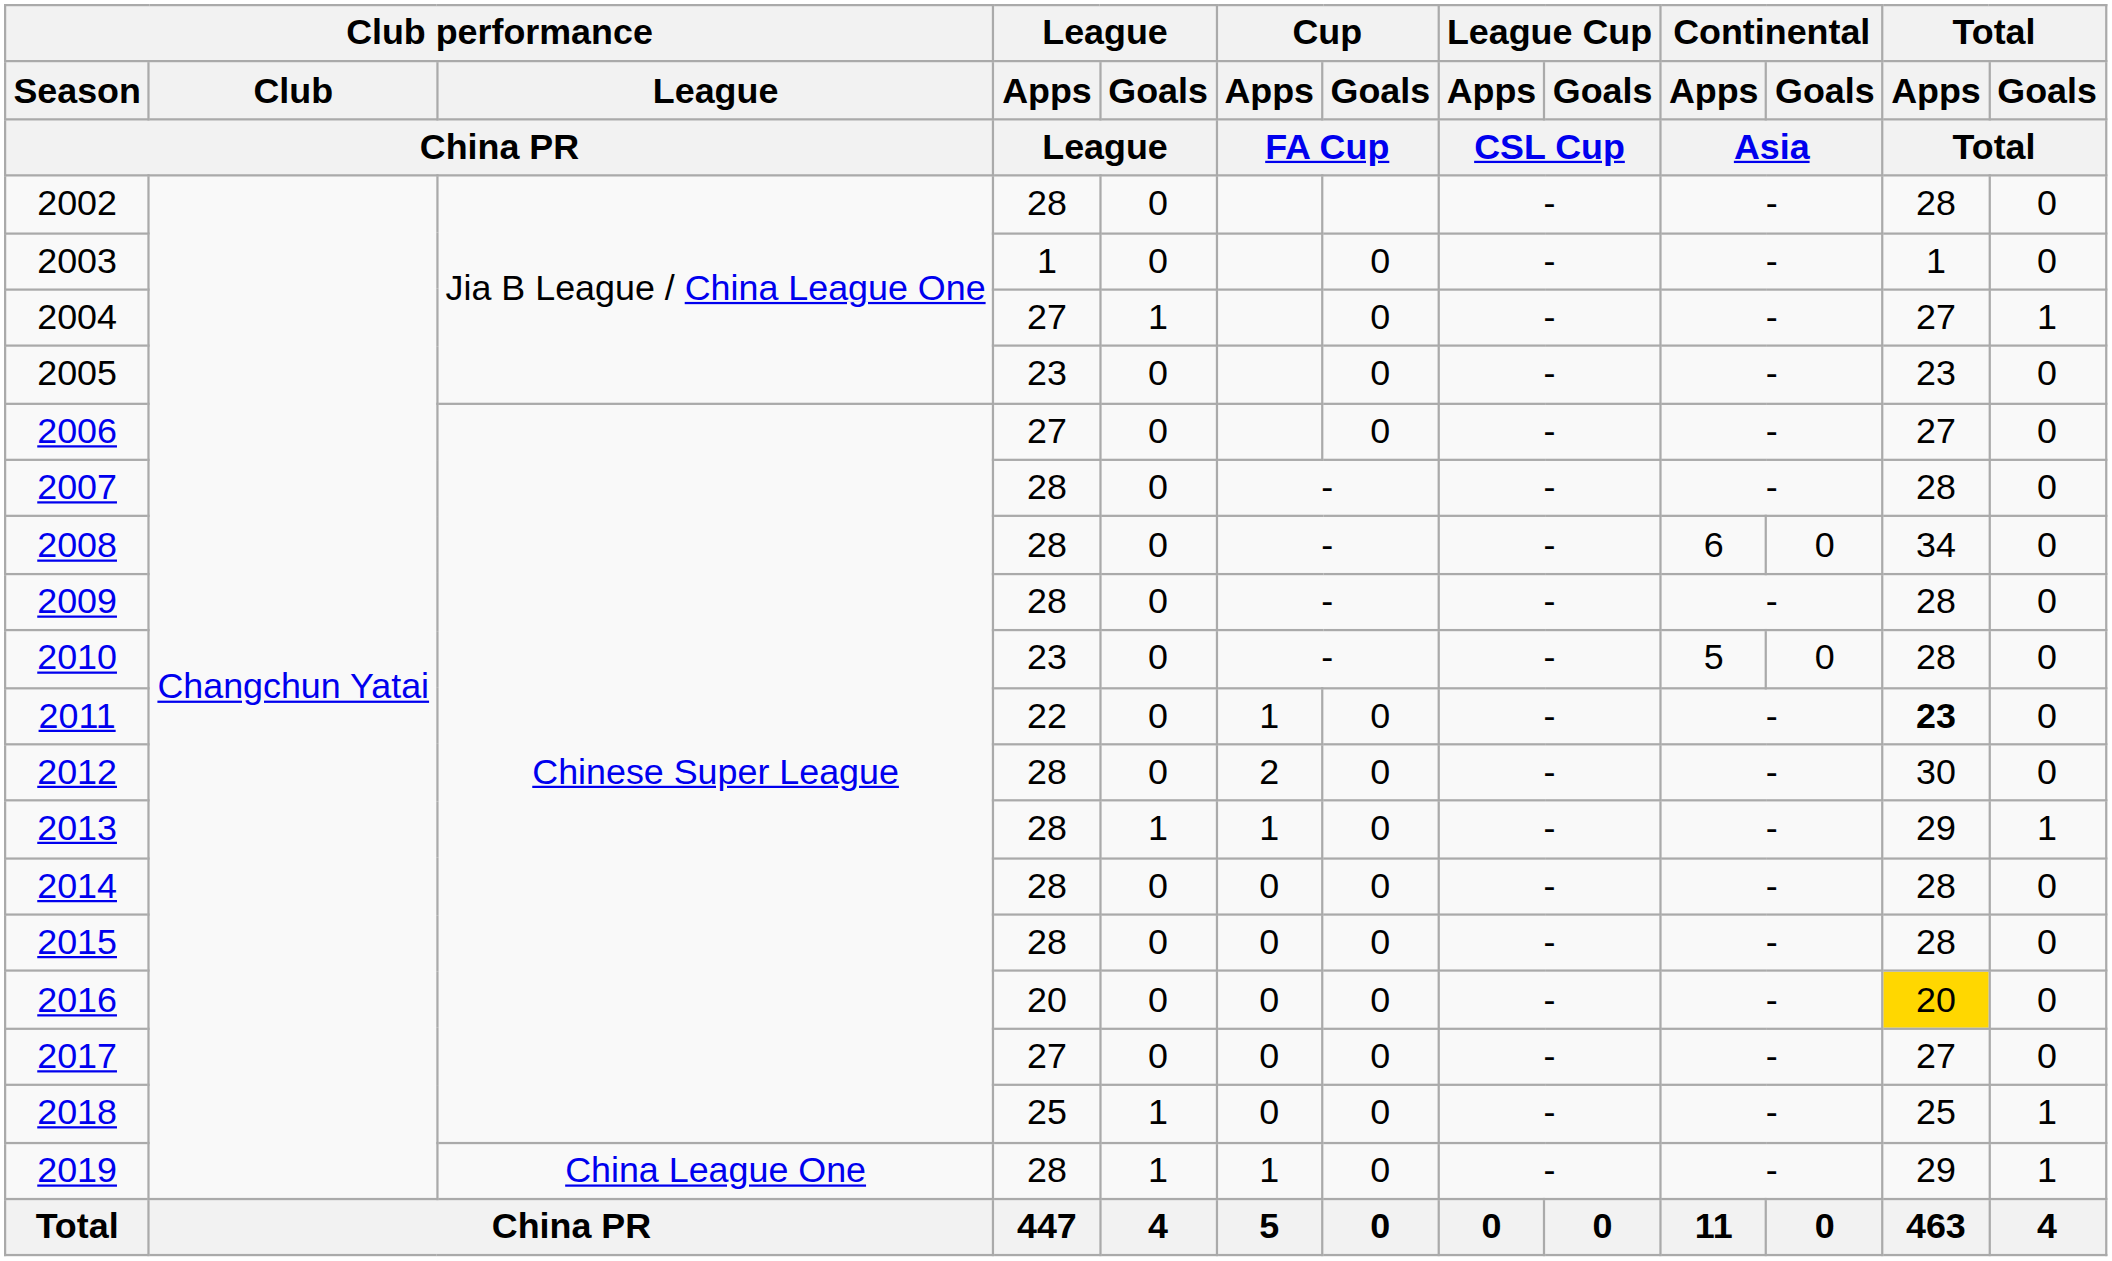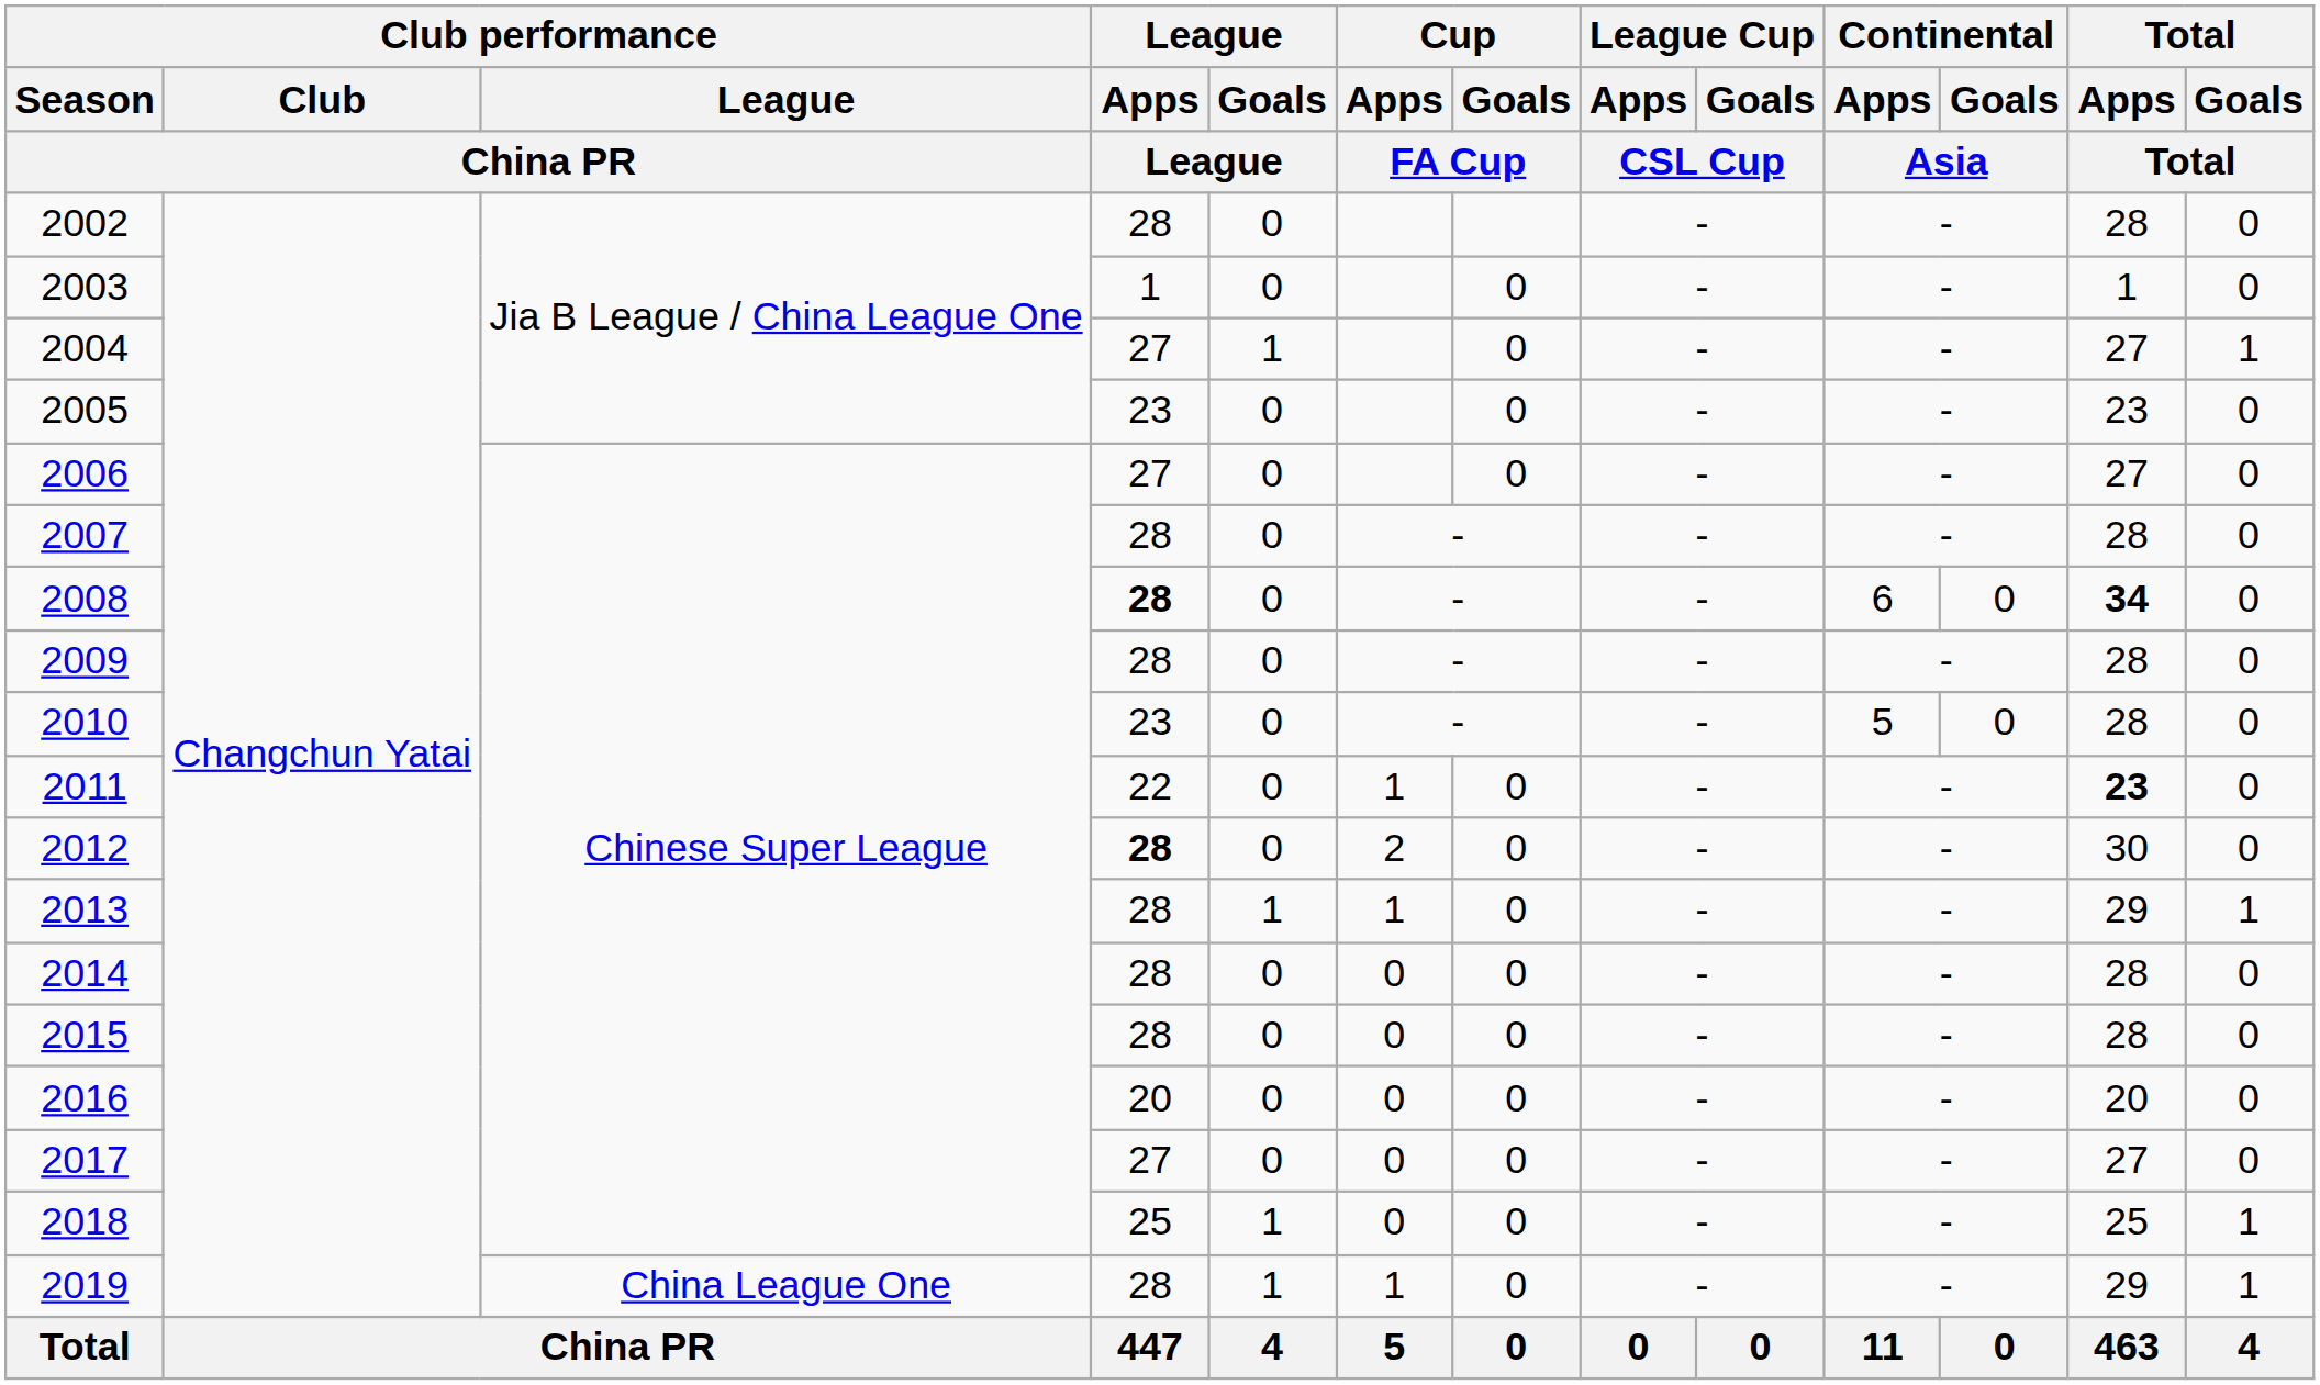 <table class="wikitable" style="text-align:center">
 <tr>
 <th colspan=3>Club performance</th>
 <th colspan=2>League</th>
 <th colspan=2>Cup</th>
 <th colspan=2>League Cup</th>
 <th colspan=2>Continental</th>
 <th colspan=2>Total</th>
 </tr>
 <tr>
 <th>Season</th>
 <th>Club</th>
 <th>League</th>
 <th>Apps</th>
 <th>Goals</th>
 <th>Apps</th>
 <th>Goals</th>
 <th>Apps</th>
 <th>Goals</th>
 <th>Apps</th>
 <th>Goals</th>
 <th>Apps</th>
 <th>Goals</th>
 </tr>
 <tr>
 <th colspan=3>China PR</th>
 <th colspan=2>League</th>
 <th colspan=2><a href='#'>FA Cup</a></th>
 <th colspan=2><a href='#'>CSL Cup</a></th>
 <th colspan=2><a href='#'>Asia</a></th>
 <th colspan=2>Total</th>
 </tr>
 <tr>
 <td>2002</td>
 <td rowspan="18"><a href='#'>Changchun Yatai</a></td>
 <td rowspan="4">Jia B League / <a href='#'>China League One</a></td>
 <td>28</td>
 <td>0</td>
 <td></td>
 <td></td>
 <td colspan="2">-</td>
 <td colspan="2">-</td>
 <td>28</td>
 <td>0</td>
 </tr>
 <tr>
 <td>2003</td>
 <td>1</td>
 <td>0</td>
 <td></td>
 <td>0</td>
 <td colspan="2">-</td>
 <td colspan="2">-</td>
 <td>1</td>
 <td>0</td>
 </tr>
 <tr>
 <td>2004</td>
 <td>27</td>
 <td>1</td>
 <td></td>
 <td>0</td>
 <td colspan="2">-</td>
 <td colspan="2">-</td>
 <td>27</td>
 <td>1</td>
 </tr>
 <tr>
 <td>2005</td>
 <td>23</td>
 <td>0</td>
 <td></td>
 <td>0</td>
 <td colspan="2">-</td>
 <td colspan="2">-</td>
 <td>23</td>
 <td>0</td>
 </tr>
 <tr>
 <td><a href='#'>2006</a></td>
 <td rowspan="13"><a href='#'>Chinese Super League</a></td>
 <td>27</td>
 <td>0</td>
 <td></td>
 <td>0</td>
 <td colspan="2">-</td>
 <td colspan="2">-</td>
 <td>27</td>
 <td>0</td>
 </tr>
 <tr>
 <td><a href='#'>2007</a></td>
 <td>28</td>
 <td>0</td>
 <td colspan="2">-</td>
 <td colspan="2">-</td>
 <td colspan="2">-</td>
 <td>28</td>
 <td>0</td>
 </tr>
 <tr>
 <td><a href='#'>2008</a></td>
-<td>28</td>
+<td><strong>28</strong></td>
 <td>0</td>
 <td colspan="2">-</td>
 <td colspan="2">-</td>
 <td>6</td>
 <td>0</td>
-<td>34</td>
+<td><strong>34</strong></td>
 <td>0</td>
 </tr>
 <tr>
 <td><a href='#'>2009</a></td>
 <td>28</td>
 <td>0</td>
 <td colspan="2">-</td>
 <td colspan="2">-</td>
 <td colspan="2">-</td>
 <td>28</td>
 <td>0</td>
 </tr>
 <tr>
 <td><a href='#'>2010</a></td>
 <td>23</td>
 <td>0</td>
 <td colspan="2">-</td>
 <td colspan="2">-</td>
 <td>5</td>
 <td>0</td>
 <td>28</td>
 <td>0</td>
 </tr>
 <tr>
 <td><a href='#'>2011</a></td>
 <td>22</td>
 <td>0</td>
 <td>1</td>
 <td>0</td>
 <td colspan="2">-</td>
 <td colspan="2">-</td>
 <td><strong>23</strong></td>
 <td>0</td>
 </tr>
 <tr>
 <td><a href='#'>2012</a></td>
-<td>28</td>
+<td><strong>28</strong></td>
 <td>0</td>
 <td>2</td>
 <td>0</td>
 <td colspan="2">-</td>
 <td colspan="2">-</td>
 <td>30</td>
 <td>0</td>
 </tr>
 <tr>
 <td><a href='#'>2013</a></td>
 <td>28</td>
 <td>1</td>
 <td>1</td>
 <td>0</td>
 <td colspan="2">-</td>
 <td colspan="2">-</td>
 <td>29</td>
 <td>1</td>
 </tr>
 <tr>
 <td><a href='#'>2014</a></td>
 <td>28</td>
 <td>0</td>
 <td>0</td>
 <td>0</td>
 <td colspan="2">-</td>
 <td colspan="2">-</td>
 <td>28</td>
 <td>0</td>
 </tr>
 <tr>
 <td><a href='#'>2015</a></td>
 <td>28</td>
 <td>0</td>
 <td>0</td>
 <td>0</td>
 <td colspan="2">-</td>
 <td colspan="2">-</td>
 <td>28</td>
 <td>0</td>
 </tr>
 <tr>
 <td><a href='#'>2016</a></td>
 <td>20</td>
 <td>0</td>
 <td>0</td>
 <td>0</td>
 <td colspan="2">-</td>
 <td colspan="2">-</td>
-<td style="background: gold;">20</td>
+<td>20</td>
 <td>0</td>
 </tr>
 <tr>
 <td><a href='#'>2017</a></td>
 <td>27</td>
 <td>0</td>
 <td>0</td>
 <td>0</td>
 <td colspan="2">-</td>
 <td colspan="2">-</td>
 <td>27</td>
 <td>0</td>
 </tr>
 <tr>
 <td><a href='#'>2018</a></td>
 <td>25</td>
 <td>1</td>
 <td>0</td>
 <td>0</td>
 <td colspan="2">-</td>
 <td colspan="2">-</td>
 <td>25</td>
 <td>1</td>
 </tr>
 <tr>
 <td><a href='#'>2019</a></td>
 <td rowspan="1"><a href='#'>China League One</a></td>
 <td>28</td>
 <td>1</td>
 <td>1</td>
 <td>0</td>
 <td colspan="2">-</td>
 <td colspan="2">-</td>
 <td>29</td>
 <td>1</td>
 </tr>
 <tr>
 <th rowspan=3>Total</th>
 <th colspan=2>China PR</th>
 <th>447</th>
 <th>4</th>
 <th>5</th>
 <th>0</th>
 <th>0</th>
 <th>0</th>
 <th>11</th>
 <th>0</th>
 <th>463</th>
 <th>4</th>
 </tr>
 </table>
